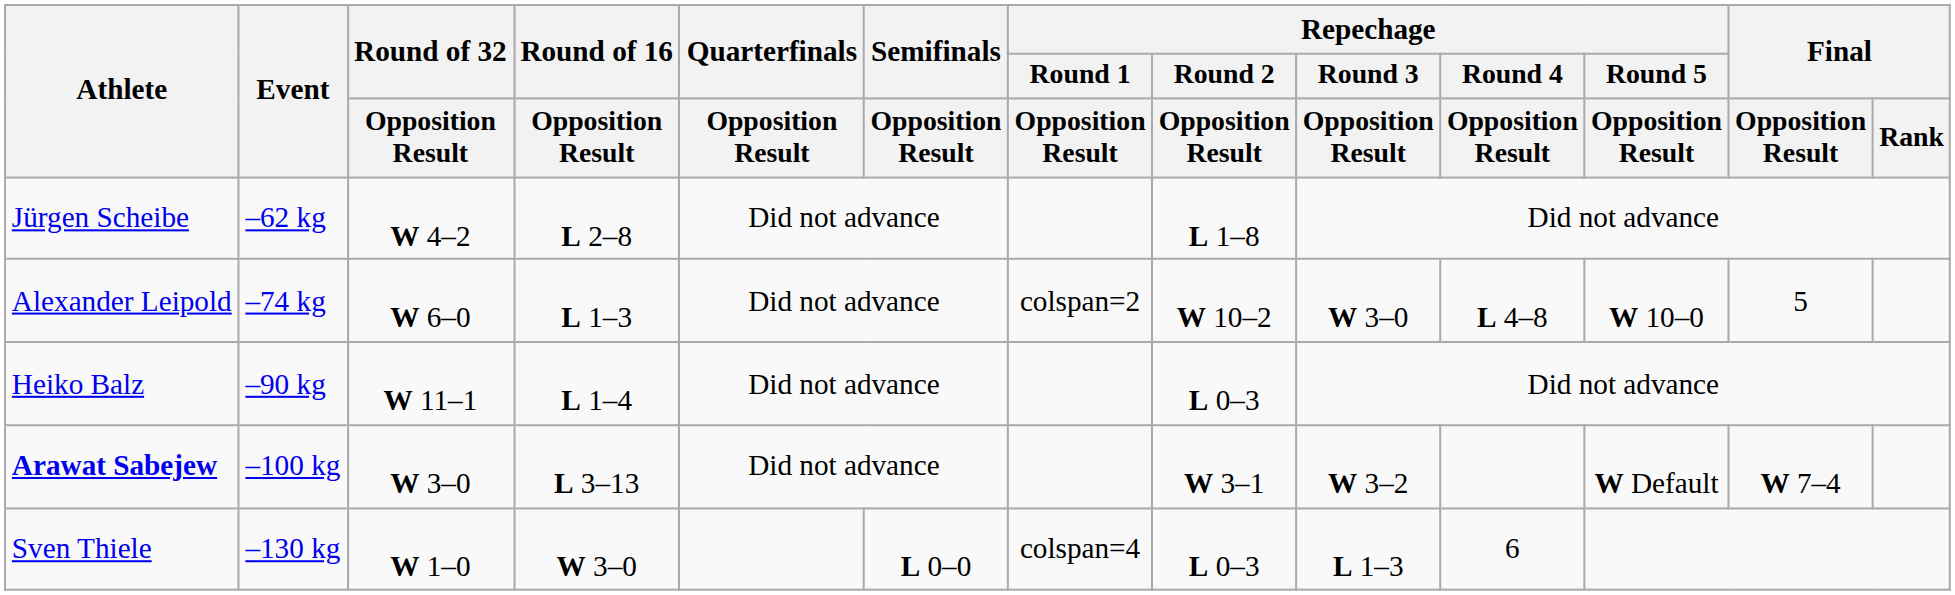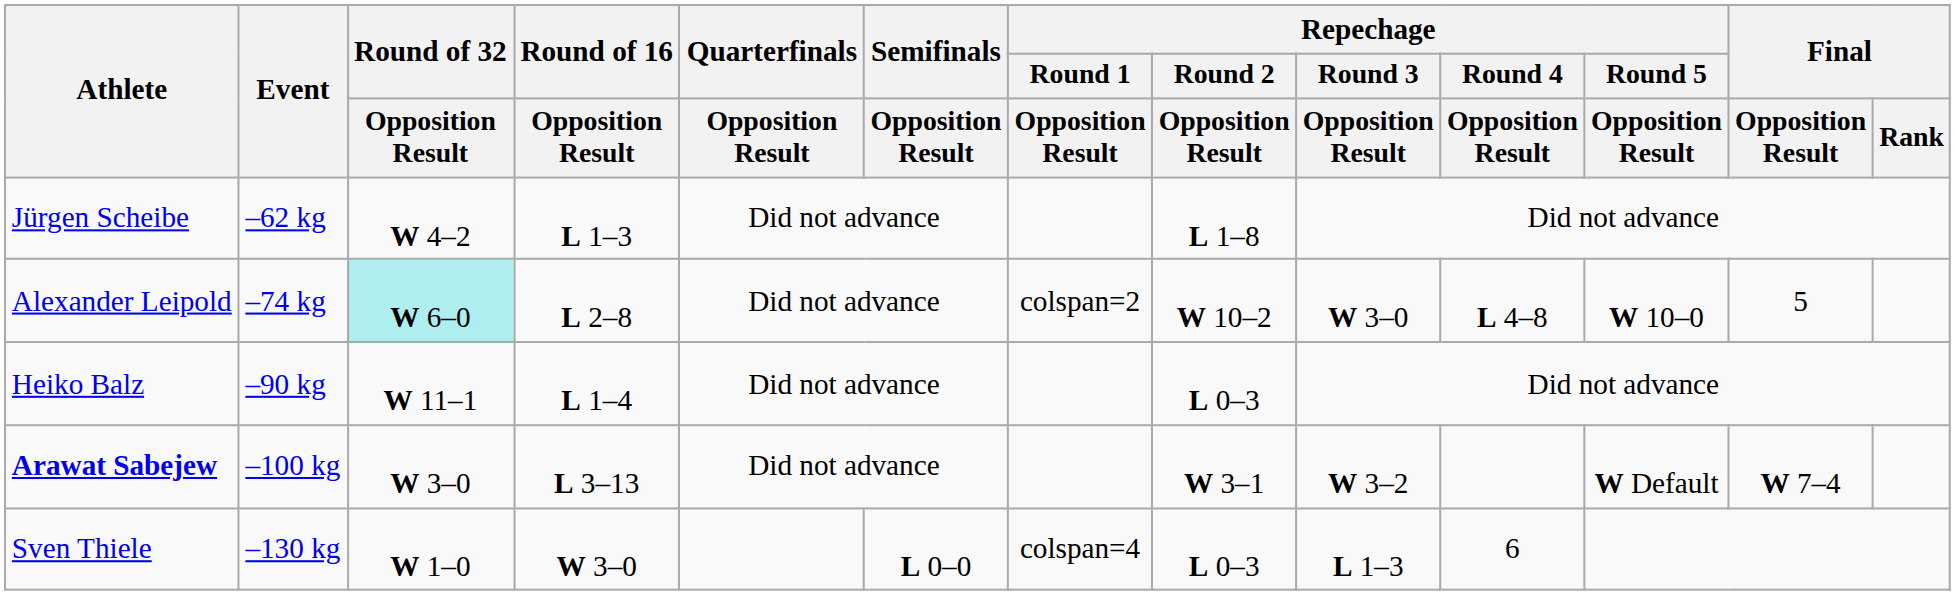 <table class="wikitable" style="font-size:90%">
 <tr>
 <th rowspan="3">Athlete</th>
 <th rowspan="3">Event</th>
 <th rowspan=2>Round of 32</th>
 <th rowspan=2>Round of 16</th>
 <th rowspan=2>Quarterfinals</th>
 <th rowspan=2>Semifinals</th>
 <th colspan=5>Repechage</th>
 <th colspan=2 rowspan=2>Final</th>
 </tr>
 <tr style="font-size:95%">
 <th>Round 1</th>
 <th>Round 2</th>
 <th>Round 3</th>
 <th>Round 4</th>
 <th>Round 5</th>
 </tr>
 <tr style="font-size:95%">
 <th>Opposition<br>Result</th>
 <th>Opposition<br>Result</th>
 <th>Opposition<br>Result</th>
 <th>Opposition<br>Result</th>
 <th>Opposition<br>Result</th>
 <th>Opposition<br>Result</th>
 <th>Opposition<br>Result</th>
 <th>Opposition<br>Result</th>
 <th>Opposition<br>Result</th>
 <th>Opposition<br>Result</th>
 <th>Rank</th>
 </tr>
 <tr align=center>
 <td align=left><a href='#'>Jürgen Scheibe</a></td>
 <td align=left><a href='#'>–62 kg</a></td>
 <td><br><strong>W</strong> 4–2</td>
-<td><br><strong>L</strong> 2–8</td>
+<td><br><strong>L</strong> 1–3</td>
 <td colspan=2>Did not advance</td>
 <td></td>
 <td><br><strong>L</strong> 1–8</td>
 <td colspan=5>Did not advance</td>
 </tr>
 <tr align=center>
 <td align=left><a href='#'>Alexander Leipold</a></td>
 <td align=left><a href='#'>–74 kg</a></td>
-<td><br><strong>W</strong> 6–0</td>
-<td><br><strong>L</strong> 1–3</td>
+<td style="background: paleturquoise;"><br><strong>W</strong> 6–0</td>
+<td><br><strong>L</strong> 2–8</td>
 <td colspan=2>Did not advance</td>
 <td>colspan=2</td>
 <td><br><strong>W</strong> 10–2</td>
 <td><br><strong>W</strong> 3–0</td>
 <td><br><strong>L</strong> 4–8</td>
 <td><br><strong>W</strong> 10–0</td>
 <td>5</td>
 </tr>
 <tr align=center>
 <td align=left><a href='#'>Heiko Balz</a></td>
 <td align=left><a href='#'>–90 kg</a></td>
 <td><br><strong>W</strong> 11–1</td>
 <td><br><strong>L</strong> 1–4</td>
 <td colspan=2>Did not advance</td>
 <td></td>
 <td><br><strong>L</strong> 0–3</td>
 <td colspan=5>Did not advance</td>
 </tr>
 <tr align=center>
 <td align=left><strong><a href='#'>Arawat Sabejew</a></strong></td>
 <td align=left><a href='#'>–100 kg</a></td>
 <td><br><strong>W</strong> 3–0</td>
 <td><br><strong>L</strong> 3–13</td>
 <td colspan=2>Did not advance</td>
 <td></td>
 <td><br><strong>W</strong> 3–1</td>
 <td><br><strong>W</strong> 3–2</td>
 <td></td>
 <td><br><strong>W</strong> Default</td>
 <td><br><strong>W</strong> 7–4</td>
 <td></td>
 </tr>
 <tr align=center>
 <td align=left><a href='#'>Sven Thiele</a></td>
 <td align=left><a href='#'>–130 kg</a></td>
 <td><br><strong>W</strong> 1–0</td>
 <td><br><strong>W</strong> 3–0</td>
 <td></td>
 <td><br><strong>L</strong> 0–0</td>
 <td>colspan=4</td>
 <td><br><strong>L</strong> 0–3</td>
 <td><br><strong>L</strong> 1–3</td>
 <td>6</td>
 </tr>
 </table>
